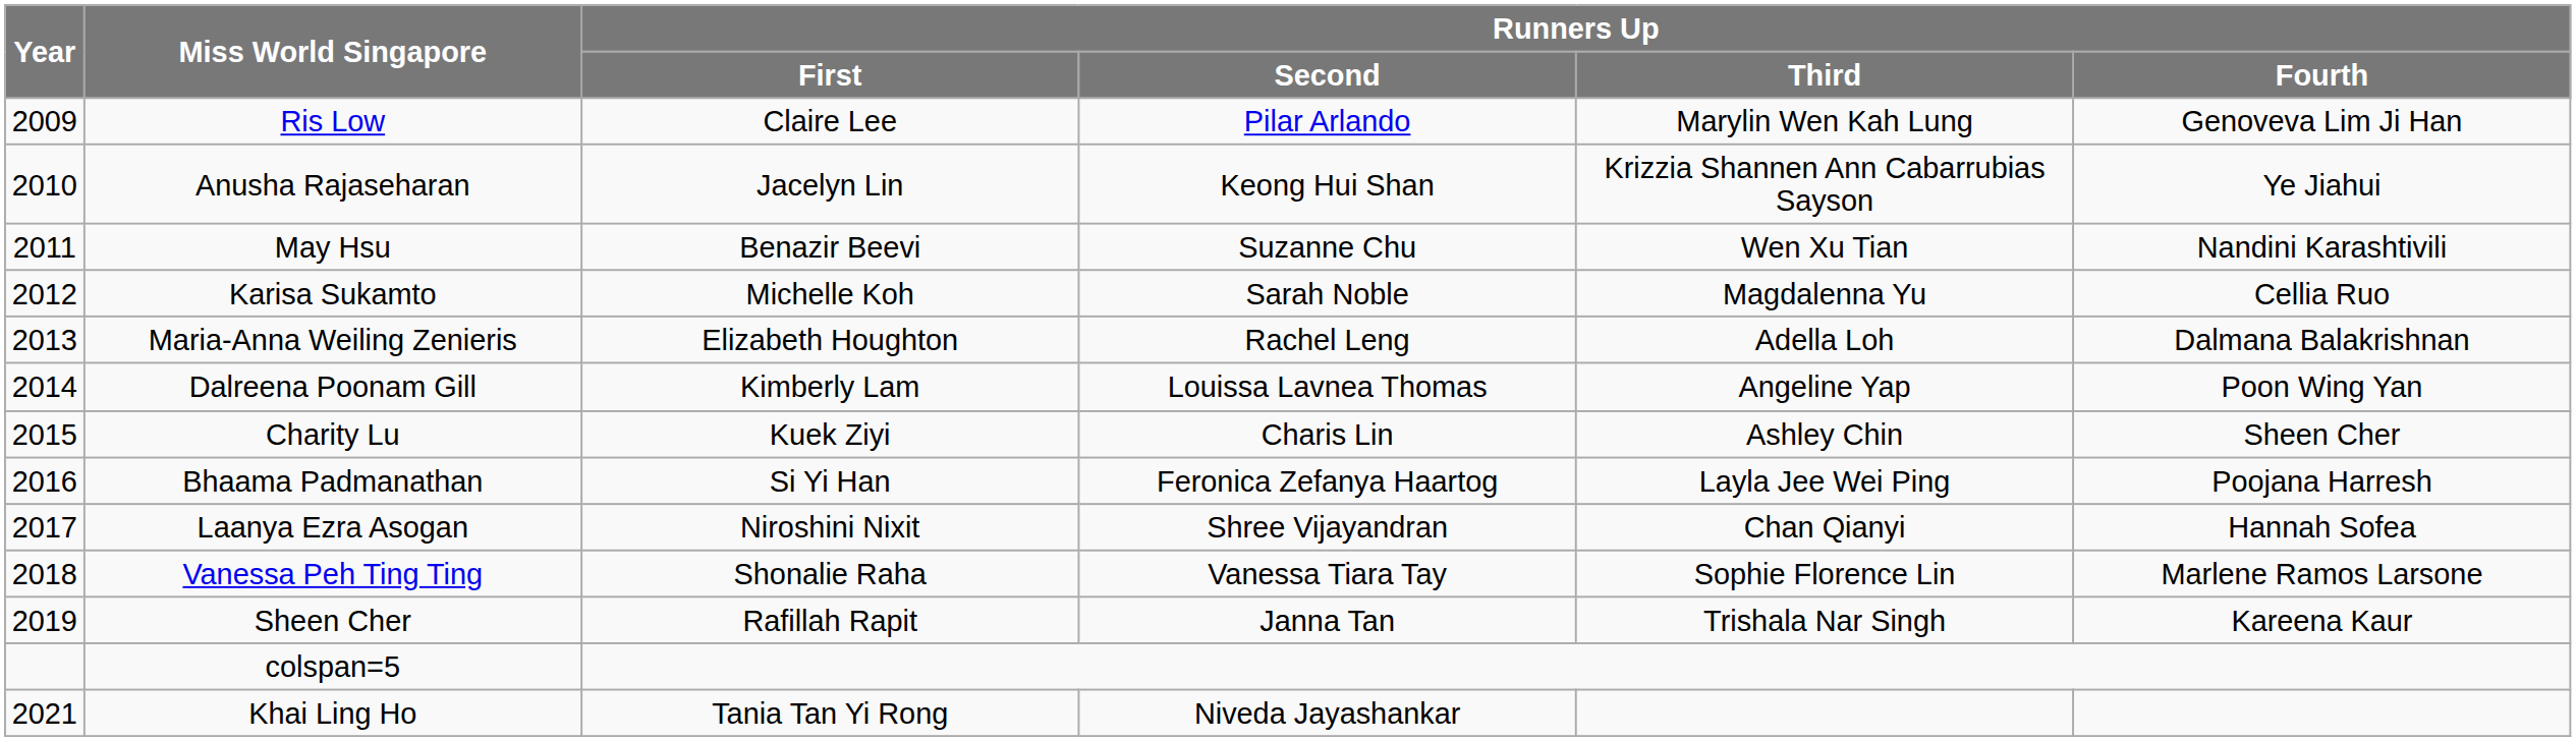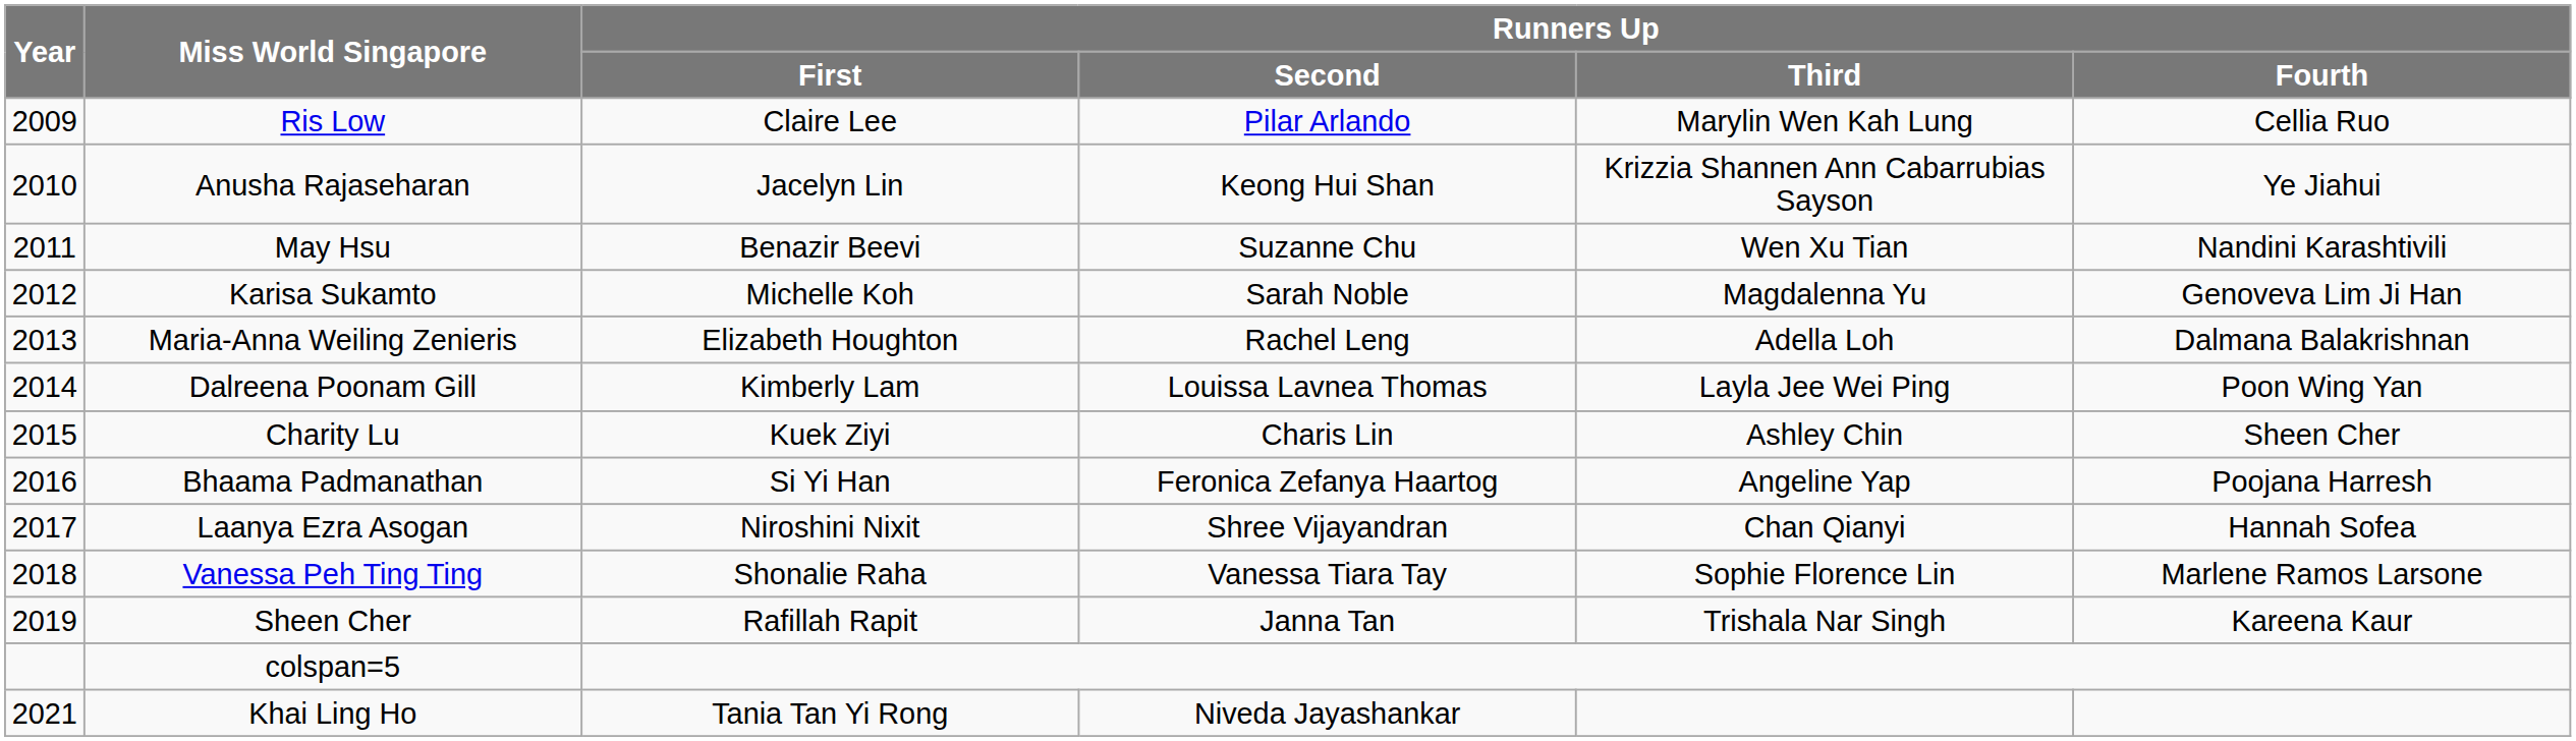 <table class="wikitable sortable" style="font-size:95%; text-align:center;">
 <tr>
 <th rowspan="2" width="30"  style="background-color:#787878; color:#FFFFFF;">Year</th>
 <th rowspan="2" style="width:250px; background-color:#787878; color:#FFFFFF;">Miss World Singapore</th>
 <th colspan="4" style="width:250px; background-color:#787878; color:#FFFFFF;">Runners Up</th>
 </tr>
 <tr>
 <th style="width:250px; background-color:#787878; color:#FFFFFF;">First</th>
 <th style="width:250px; background-color:#787878; color:#FFFFFF;">Second</th>
 <th style="width:250px; background-color:#787878; color:#FFFFFF;">Third</th>
 <th style="width:250px; background-color:#787878; color:#FFFFFF;">Fourth</th>
 </tr>
 <tr>
 <td>2009</td>
 <td><a href='#'>Ris Low</a></td>
 <td>Claire Lee</td>
 <td><a href='#'>Pilar Arlando</a></td>
 <td>Marylin Wen Kah Lung</td>
-<td>Genoveva Lim Ji Han</td>
+<td>Cellia Ruo</td>
 </tr>
 <tr>
 <td>2010</td>
 <td>Anusha Rajaseharan</td>
 <td>Jacelyn Lin</td>
 <td>Keong Hui Shan</td>
 <td>Krizzia Shannen Ann Cabarrubias Sayson</td>
 <td>Ye Jiahui</td>
 </tr>
 <tr>
 <td>2011</td>
 <td>May Hsu</td>
 <td>Benazir Beevi</td>
 <td>Suzanne Chu</td>
 <td>Wen Xu Tian</td>
 <td>Nandini Karashtivili</td>
 </tr>
 <tr>
 <td>2012</td>
 <td>Karisa Sukamto</td>
 <td>Michelle Koh</td>
 <td>Sarah Noble</td>
 <td>Magdalenna Yu</td>
-<td>Cellia Ruo</td>
+<td>Genoveva Lim Ji Han</td>
 </tr>
 <tr>
 <td>2013</td>
 <td>Maria-Anna Weiling Zenieris</td>
 <td>Elizabeth Houghton</td>
 <td>Rachel Leng</td>
 <td>Adella Loh</td>
 <td>Dalmana Balakrishnan</td>
 </tr>
 <tr>
 <td>2014</td>
 <td>Dalreena Poonam Gill</td>
 <td>Kimberly Lam</td>
 <td>Louissa Lavnea Thomas</td>
-<td>Angeline Yap</td>
+<td>Layla Jee Wei Ping</td>
 <td>Poon Wing Yan</td>
 </tr>
 <tr>
 <td>2015</td>
 <td>Charity Lu</td>
 <td>Kuek Ziyi</td>
 <td>Charis Lin</td>
 <td>Ashley Chin</td>
 <td>Sheen Cher</td>
 </tr>
 <tr>
 <td>2016</td>
 <td>Bhaama Padmanathan</td>
 <td>Si Yi Han</td>
 <td>Feronica Zefanya Haartog</td>
-<td>Layla Jee Wei Ping</td>
+<td>Angeline Yap</td>
 <td>Poojana Harresh</td>
 </tr>
 <tr>
 <td>2017</td>
 <td>Laanya Ezra Asogan</td>
 <td>Niroshini Nixit</td>
 <td>Shree Vijayandran</td>
 <td>Chan Qianyi</td>
 <td>Hannah Sofea</td>
 </tr>
 <tr>
 <td>2018</td>
 <td><a href='#'>Vanessa Peh Ting Ting</a></td>
 <td>Shonalie Raha</td>
 <td>Vanessa Tiara Tay</td>
 <td>Sophie Florence Lin</td>
 <td>Marlene Ramos Larsone</td>
 </tr>
 <tr>
 <td>2019</td>
 <td>Sheen Cher</td>
 <td>Rafillah Rapit</td>
 <td>Janna Tan</td>
 <td>Trishala Nar Singh</td>
 <td>Kareena Kaur</td>
 </tr>
 <tr>
 <td></td>
 <td>colspan=5 </td>
 </tr>
 <tr>
 <td>2021</td>
 <td>Khai Ling Ho</td>
 <td>Tania Tan Yi Rong</td>
 <td>Niveda Jayashankar</td>
 <td></td>
 <td></td>
 </tr>
 </table>
